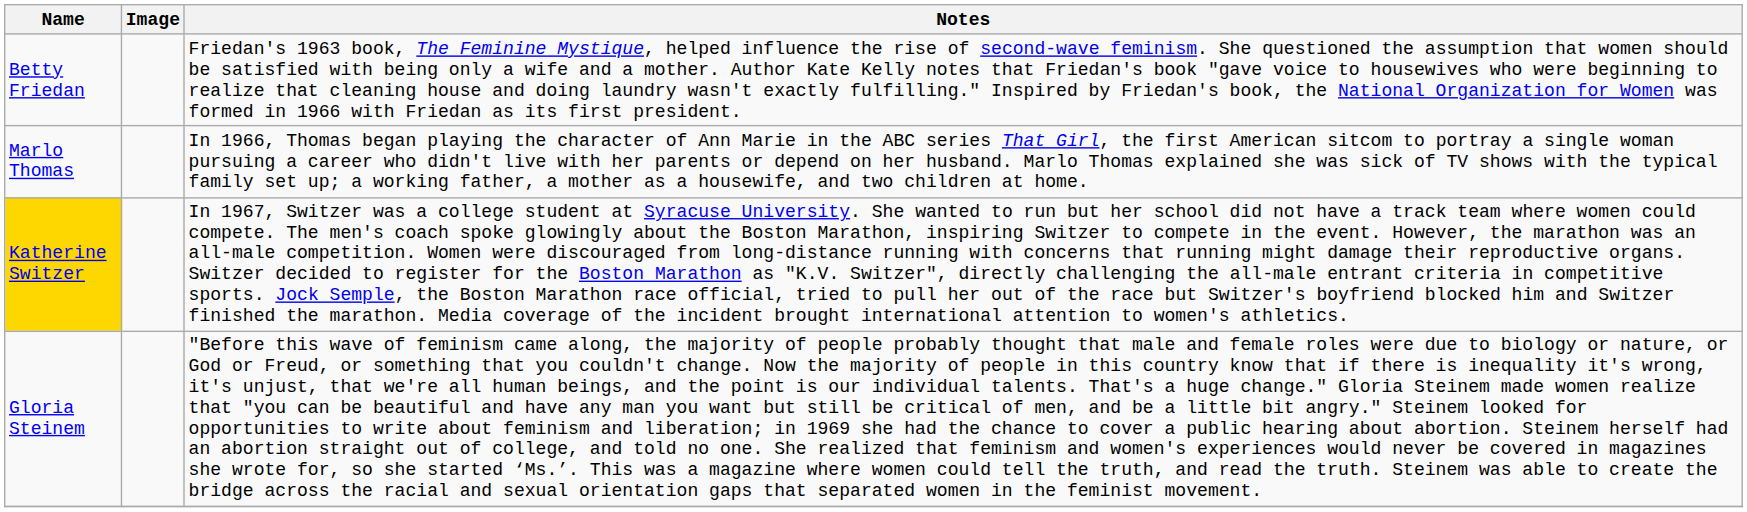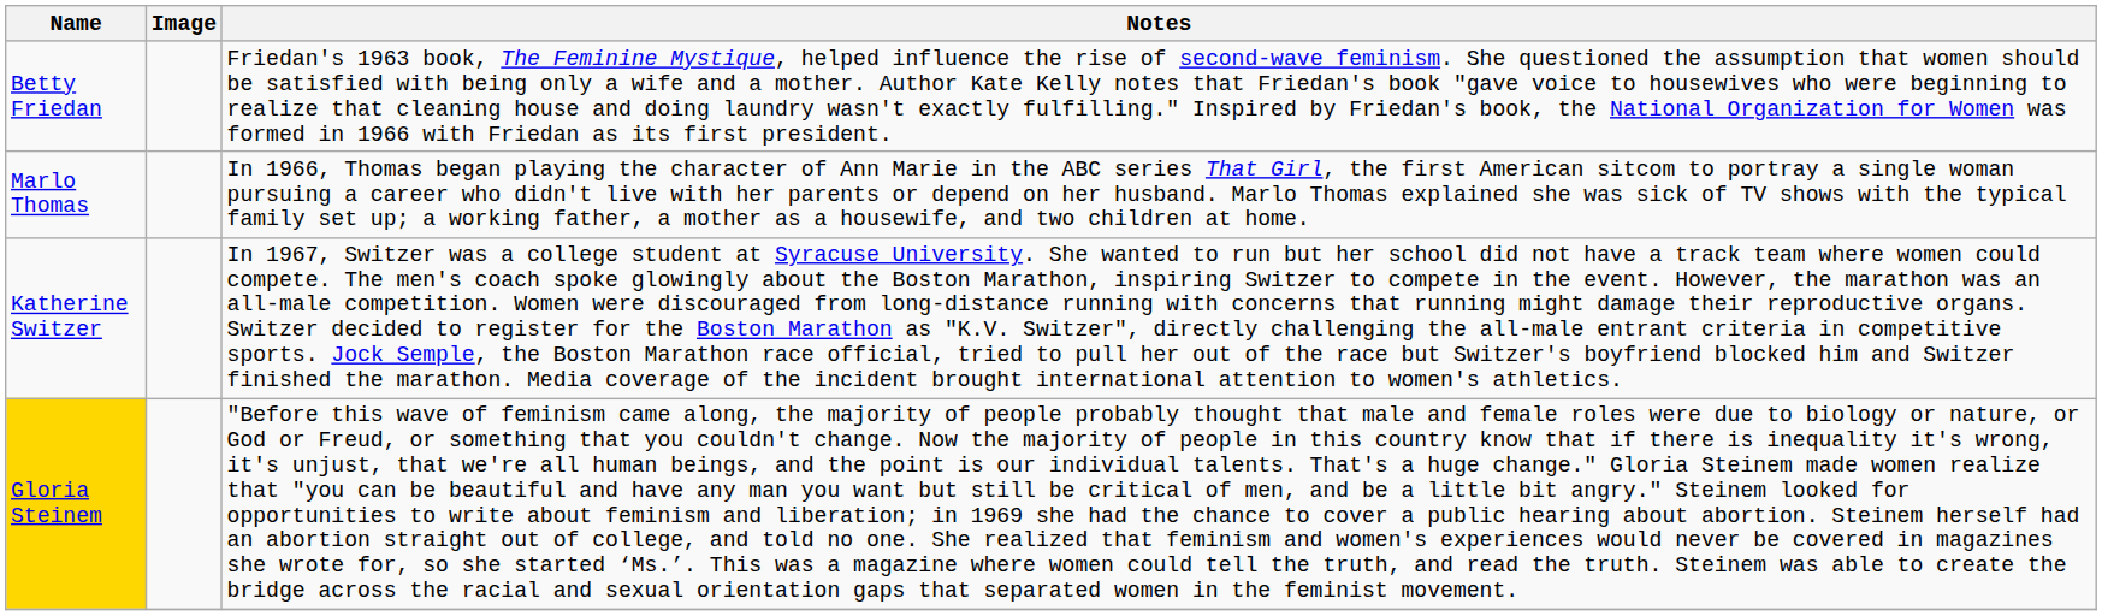 <table class="wikitable sortable">
 <tr>
 <th>Name</th>
 <th>Image</th>
 <th>Notes</th>
 </tr>
 <tr>
 <td><a href='#'>Betty Friedan</a></td>
 <td></td>
 <td>Friedan's 1963 book, <em><a href='#'>The Feminine Mystique</a></em>, helped influence the rise of <a href='#'>second-wave feminism</a>.  She questioned the assumption that women should be satisfied with being only a wife and a mother.  Author Kate Kelly notes that Friedan's  book "gave voice to housewives who were beginning to realize that cleaning house and doing laundry wasn't exactly fulfilling." Inspired by Friedan's book, the <a href='#'>National Organization for Women</a> was formed in 1966 with Friedan as its first president.</td>
 </tr>
 <tr>
 <td><a href='#'>Marlo Thomas</a></td>
 <td></td>
 <td>In 1966, Thomas began playing the character of Ann Marie in the ABC series <em><a href='#'>That Girl</a></em>, the first  American sitcom to portray a single woman pursuing a career who didn't live with her parents or depend on her husband. Marlo Thomas explained she was sick of TV shows with the typical family set up; a working father, a mother as a housewife, and two children at home.</td>
 </tr>
 <tr>
-<td style="background: gold;"><a href='#'>Katherine Switzer</a></td>
+<td><a href='#'>Katherine Switzer</a></td>
 <td></td>
 <td>In 1967, Switzer was a college student at <a href='#'>Syracuse University</a>.  She wanted to run but her school did not have a track team where women could compete. The men's coach spoke glowingly about the Boston Marathon, inspiring Switzer to compete in the event.  However, the marathon was an all-male competition.  Women were discouraged from long-distance running with concerns that running  might damage their reproductive organs. Switzer decided to register for the <a href='#'>Boston Marathon</a> as "K.V. Switzer", directly challenging the all-male entrant criteria in competitive sports.  <a href='#'>Jock Semple</a>, the Boston Marathon race official, tried to pull her out of the race but Switzer's boyfriend blocked him and Switzer finished the marathon.  Media coverage of the incident brought international attention to women's athletics.</td>
 </tr>
 <tr>
-<td><a href='#'>Gloria Steinem</a></td>
+<td style="background: gold;"><a href='#'>Gloria Steinem</a></td>
 <td></td>
 <td>"Before this wave of feminism came along, the majority of people probably thought that male and female roles were due to biology or nature, or God or Freud, or something that you couldn't change. Now the majority of people in this country know that if there is inequality it's wrong, it's unjust, that we're all human beings, and the point is our individual talents.  That's a huge change." Gloria Steinem made women realize that "you can be beautiful and have any man you want but still be critical of men, and be a little bit angry." Steinem looked for opportunities to write about feminism and liberation; in 1969 she had the chance to cover a public hearing about abortion. Steinem herself had an abortion straight out of college, and told no one. She realized that feminism and women's experiences would never be covered in magazines she wrote for, so she started ‘Ms.’. This was a magazine where women could tell the truth, and read the truth. Steinem was able to create the bridge across the racial and sexual orientation gaps that separated women in the feminist movement.</td>
 </tr>
 <tr>
 </tr>
 </table>
